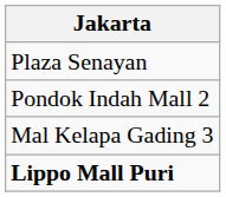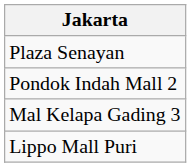 <table class="wikitable">
 <tr>
 <th>Jakarta</th>
 </tr>
 <tr>
 <td>Plaza Senayan</td>
 </tr>
 <tr>
 <td>Pondok Indah Mall 2</td>
 </tr>
 <tr>
 <td>Mal Kelapa Gading 3</td>
 </tr>
 <tr>
-<td><strong>Lippo Mall Puri</strong></td>
+<td>Lippo Mall Puri</td>
 </tr>
 </table>
